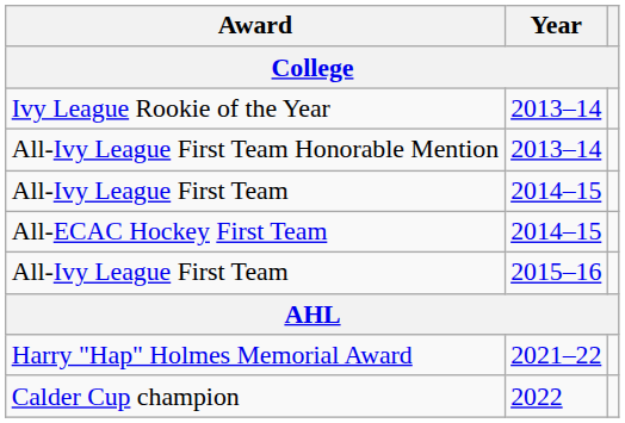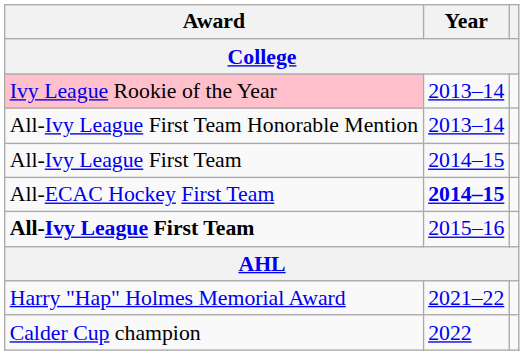 <table class="wikitable">
 <tr>
 <th>Award</th>
 <th>Year</th>
 <th></th>
 </tr>
 <tr>
 <th colspan="3"><a href='#'>College</a></th>
 </tr>
 <tr>
-<td><a href='#'>Ivy League</a> Rookie of the Year</td>
+<td style="background: pink;"><a href='#'>Ivy League</a> Rookie of the Year</td>
 <td><a href='#'>2013–14</a></td>
 <td></td>
 </tr>
 <tr>
 <td>All-<a href='#'>Ivy League</a> First Team Honorable Mention</td>
 <td><a href='#'>2013–14</a></td>
 <td></td>
 </tr>
 <tr>
 <td>All-<a href='#'>Ivy League</a> First Team</td>
 <td><a href='#'>2014–15</a></td>
 <td></td>
 </tr>
 <tr>
 <td>All-<a href='#'>ECAC Hockey</a> <a href='#'>First Team</a></td>
-<td><a href='#'>2014–15</a></td>
+<td><strong><a href='#'>2014–15</a></strong></td>
 <td></td>
 </tr>
 <tr>
-<td>All-<a href='#'>Ivy League</a> First Team</td>
+<td><strong>All-<a href='#'>Ivy League</a> First Team</strong></td>
 <td><a href='#'>2015–16</a></td>
 <td></td>
 </tr>
 <tr>
 <th colspan="3"><a href='#'>AHL</a></th>
 </tr>
 <tr>
 <td><a href='#'>Harry "Hap" Holmes Memorial Award</a></td>
 <td><a href='#'>2021–22</a></td>
 <td></td>
 </tr>
 <tr>
 <td><a href='#'>Calder Cup</a> champion</td>
 <td><a href='#'>2022</a></td>
 <td></td>
 </tr>
 </table>
